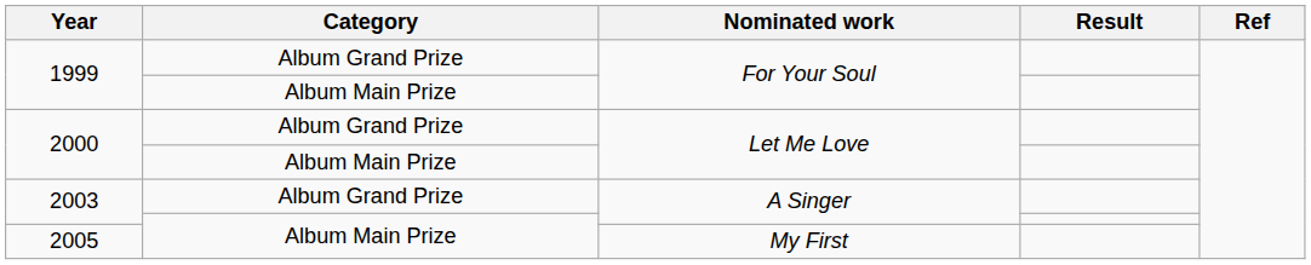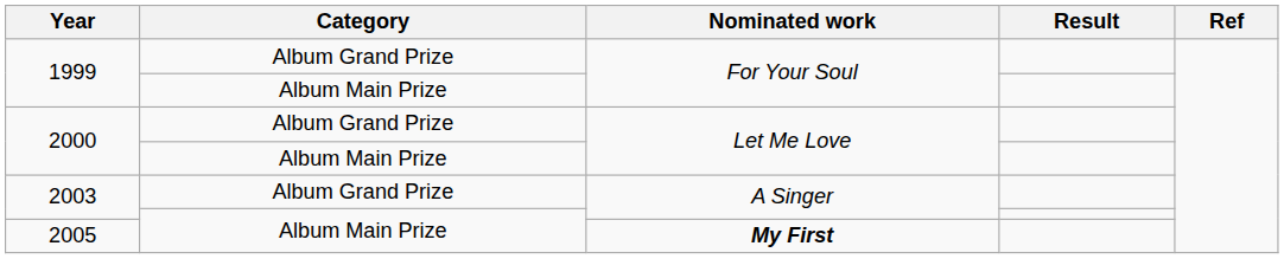 <table class="wikitable" style="text-align:center;" width="60%">
 <tr>
 <th>Year</th>
 <th>Category</th>
 <th>Nominated work</th>
 <th>Result</th>
 <th>Ref</th>
 </tr>
 <tr>
 <td rowspan="2">1999</td>
 <td>Album Grand Prize</td>
 <td rowspan="2"><em>For Your Soul</em></td>
 <td></td>
 <td rowspan="7"></td>
 </tr>
 <tr>
 <td>Album Main Prize</td>
 <td></td>
 </tr>
 <tr>
 <td rowspan="2">2000</td>
 <td>Album Grand Prize</td>
 <td rowspan="2"><em>Let Me Love</em></td>
 <td></td>
 </tr>
 <tr>
 <td>Album Main Prize</td>
 <td></td>
 </tr>
 <tr>
 <td rowspan="2">2003</td>
 <td>Album Grand Prize</td>
 <td rowspan="2"><em>A Singer</em></td>
 <td></td>
 </tr>
 <tr>
 <td rowspan="2">Album Main Prize</td>
 <td></td>
 </tr>
 <tr>
 <td>2005</td>
-<td><em>My First</em></td>
+<td><strong><em>My First</em></strong></td>
 <td></td>
 </tr>
 </table>
